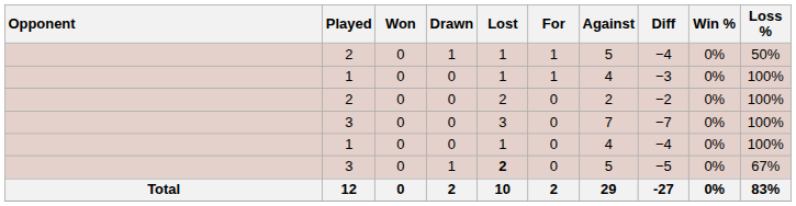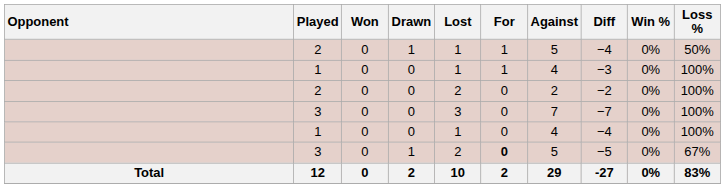 <table class="wikitable sortable" style="text-align:center;">
 <tr>
 <th style="width:350px; text-align:left;">Opponent</th>
 <th style="width:50px;">Played</th>
 <th style="width:50px;">Won</th>
 <th style="width:50px;">Drawn</th>
 <th style="width:50px;">Lost</th>
 <th style="width:50px;">For</th>
 <th style="width:50px;">Against</th>
 <th style="width:50px;">Diff</th>
 <th style="width:50px;">Win %</th>
 <th style="width:50px;">Loss %</th>
 </tr>
 <tr style="background:#e5d1cb;">
 <td align=left></td>
 <td>2</td>
 <td>0</td>
 <td>1</td>
 <td>1</td>
 <td>1</td>
 <td>5</td>
 <td>−4</td>
 <td>0%</td>
 <td>50%</td>
 </tr>
 <tr style="background:#e5d1cb;">
 <td align=left></td>
 <td>1</td>
 <td>0</td>
 <td>0</td>
 <td>1</td>
 <td>1</td>
 <td>4</td>
 <td>−3</td>
 <td>0%</td>
 <td>100%</td>
 </tr>
 <tr style="background:#e5d1cb;">
 <td align=left></td>
 <td>2</td>
 <td>0</td>
 <td>0</td>
 <td>2</td>
 <td>0</td>
 <td>2</td>
 <td>−2</td>
 <td>0%</td>
 <td>100%</td>
 </tr>
 <tr style="background:#e5d1cb;">
 <td align=left></td>
 <td>3</td>
 <td>0</td>
 <td>0</td>
 <td>3</td>
 <td>0</td>
 <td>7</td>
 <td>−7</td>
 <td>0%</td>
 <td>100%</td>
 </tr>
 <tr style="background:#e5d1cb;">
 <td align=left></td>
 <td>1</td>
 <td>0</td>
 <td>0</td>
 <td>1</td>
 <td>0</td>
 <td>4</td>
 <td>−4</td>
 <td>0%</td>
 <td>100%</td>
 </tr>
 <tr style="background:#e5d1cb;">
 <td align=left></td>
 <td>3</td>
 <td>0</td>
 <td>1</td>
-<td><strong>2</strong></td>
-<td>0</td>
+<td>2</td>
+<td><strong>0</strong></td>
 <td>5</td>
 <td>−5</td>
 <td>0%</td>
 <td>67%</td>
 </tr>
 <tr style="background:#e5d1cb;">
 <th>Total</th>
 <th>12</th>
 <th>0</th>
 <th>2</th>
 <th>10</th>
 <th>2</th>
 <th>29</th>
 <th>-27</th>
 <th>0%</th>
 <th>83%</th>
 </tr>
 <tr>
 </tr>
 </table>
